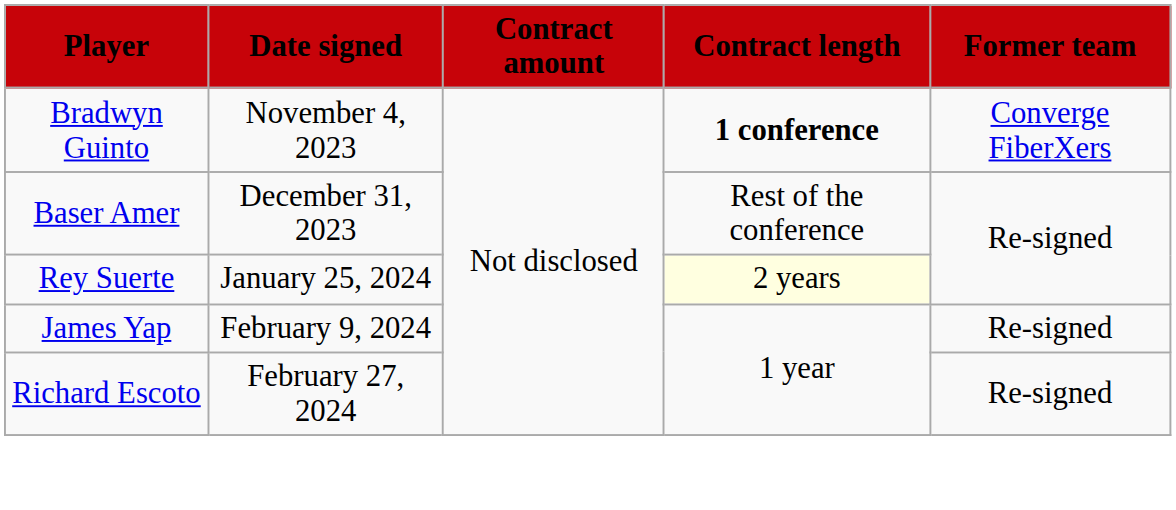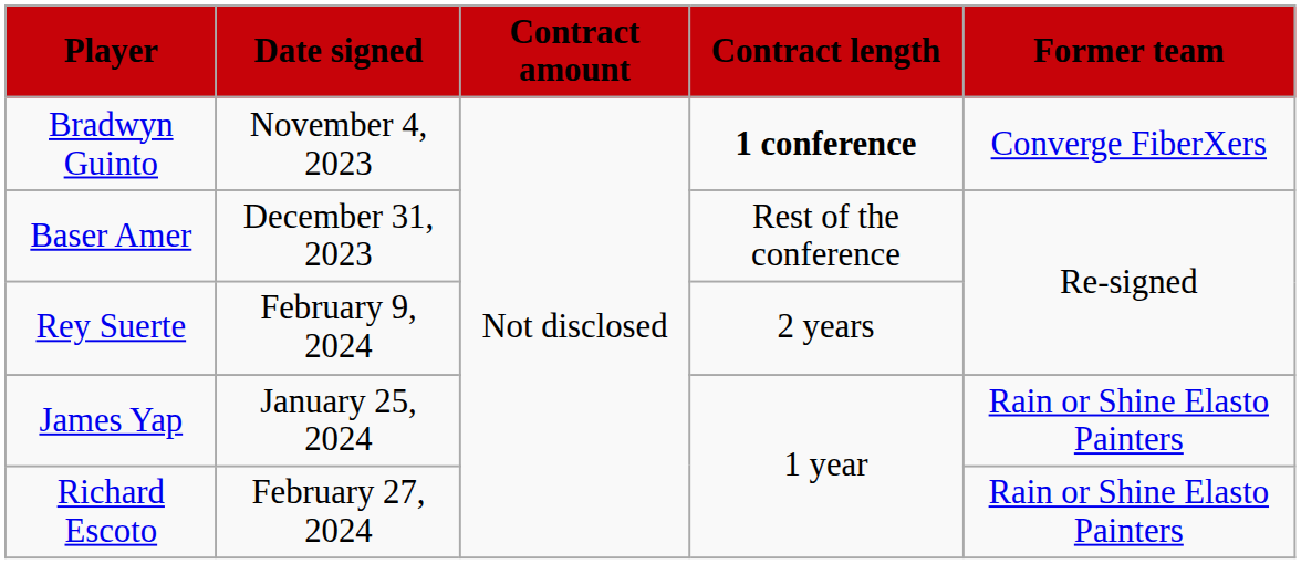 <table class="wikitable sortable sortable">
 <tr>
 <th style="background:#C70309; color:#000000; ">Player</th>
 <th style="background:#C70309; color:#000000; ">Date signed</th>
 <th style="background:#C70309; color:#000000; ">Contract amount</th>
 <th style="background:#C70309; color:#000000; ">Contract length</th>
 <th style="background:#C70309; color:#000000; ">Former team</th>
 </tr>
 <tr>
 <td align=center><a href='#'>Bradwyn Guinto</a></td>
 <td align=center>November 4, 2023 </td>
 <td align=center rowspan=5>Not disclosed</td>
 <td align=center><strong>1 conference</strong></td>
 <td align=center><a href='#'>Converge FiberXers</a></td>
 </tr>
 <tr>
 <td align=center><a href='#'>Baser Amer</a></td>
 <td align=center>December 31, 2023 </td>
 <td align=center>Rest of the conference</td>
 <td align=center rowspan=2>Re-signed</td>
 </tr>
 <tr>
 <td align=center><a href='#'>Rey Suerte</a></td>
-<td align=center>January 25, 2024 </td>
-<td align=center style="background: lightyellow;">2 years</td>
+<td align=center>February 9, 2024 </td>
+<td align=center>2 years</td>
 </tr>
 <tr>
 <td align=center><a href='#'>James Yap</a></td>
-<td align=center>February 9, 2024 </td>
+<td align=center>January 25, 2024 </td>
 <td align=center rowspan=2>1 year</td>
-<td align=center>Re-signed</td>
+<td align=center><a href='#'>Rain or Shine Elasto Painters</a></td>
 </tr>
 <tr>
 <td align=center><a href='#'>Richard Escoto</a></td>
 <td align=center>February 27, 2024 </td>
-<td align=center>Re-signed</td>
+<td align=center><a href='#'>Rain or Shine Elasto Painters</a></td>
 </tr>
 </table>
